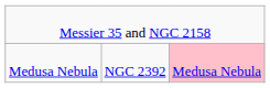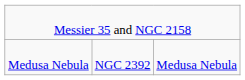 <table class=wikitable align=right>
 <tr align=center>
 <td colspan=3><br><a href='#'>Messier 35</a> and <a href='#'>NGC 2158</a></td>
 </tr>
 <tr align=center valign=bottom>
 <td><br><a href='#'>Medusa Nebula</a></td>
 <td><br><a href='#'>NGC 2392</a></td>
-<td style="background: pink;"><br><a href='#'>Medusa Nebula</a></td>
+<td><br><a href='#'>Medusa Nebula</a></td>
 </tr>
 </table>
